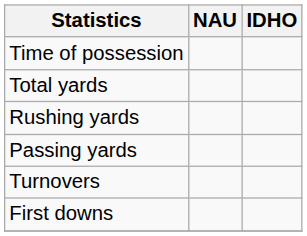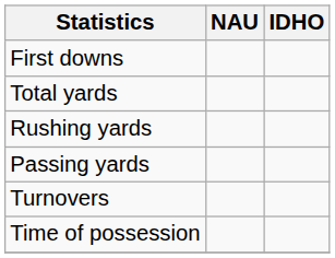 <table class="wikitable" style="float: left;">
 <tr>
 <th>Statistics</th>
 <th>NAU</th>
 <th>IDHO</th>
 </tr>
 <tr>
-<td>Time of possession</td>
+<td>First downs</td>
 <td></td>
 <td></td>
 </tr>
 <tr>
 <td>Total yards</td>
 <td></td>
 <td></td>
 </tr>
 <tr>
 <td>Rushing yards</td>
 <td></td>
 <td></td>
 </tr>
 <tr>
 <td>Passing yards</td>
 <td></td>
 <td></td>
 </tr>
 <tr>
 <td>Turnovers</td>
 <td></td>
 <td></td>
 </tr>
 <tr>
-<td>First downs</td>
+<td>Time of possession</td>
 <td></td>
 <td></td>
 </tr>
 <tr>
 </tr>
 </table>
